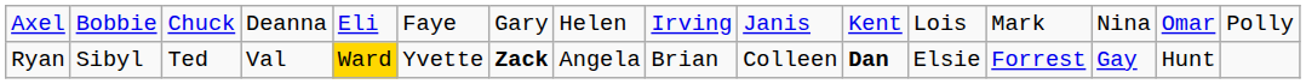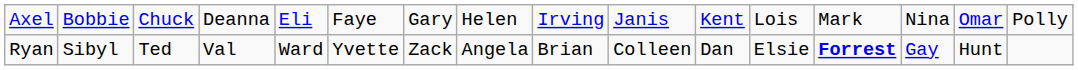 <table class="wikitable">
 <tr>
 <td><a href='#'>Axel</a></td>
 <td><a href='#'>Bobbie</a></td>
 <td><a href='#'>Chuck</a></td>
 <td>Deanna</td>
 <td><a href='#'>Eli</a></td>
 <td>Faye</td>
 <td>Gary</td>
 <td>Helen</td>
 <td><a href='#'>Irving</a></td>
 <td><a href='#'>Janis</a></td>
 <td><a href='#'>Kent</a></td>
 <td>Lois</td>
 <td>Mark</td>
 <td>Nina</td>
 <td><a href='#'>Omar</a></td>
 <td>Polly</td>
 </tr>
 <tr>
 <td>Ryan</td>
 <td>Sibyl</td>
 <td>Ted</td>
 <td>Val</td>
-<td style="background: gold;">Ward</td>
+<td>Ward</td>
 <td>Yvette</td>
-<td><strong>Zack</strong></td>
+<td>Zack</td>
 <td>Angela</td>
 <td>Brian</td>
 <td>Colleen</td>
-<td><strong>Dan</strong></td>
+<td>Dan</td>
 <td>Elsie</td>
-<td><a href='#'>Forrest</a></td>
+<td><strong><a href='#'>Forrest</a></strong></td>
 <td><a href='#'>Gay</a></td>
 <td>Hunt</td>
 </tr>
 </table>
